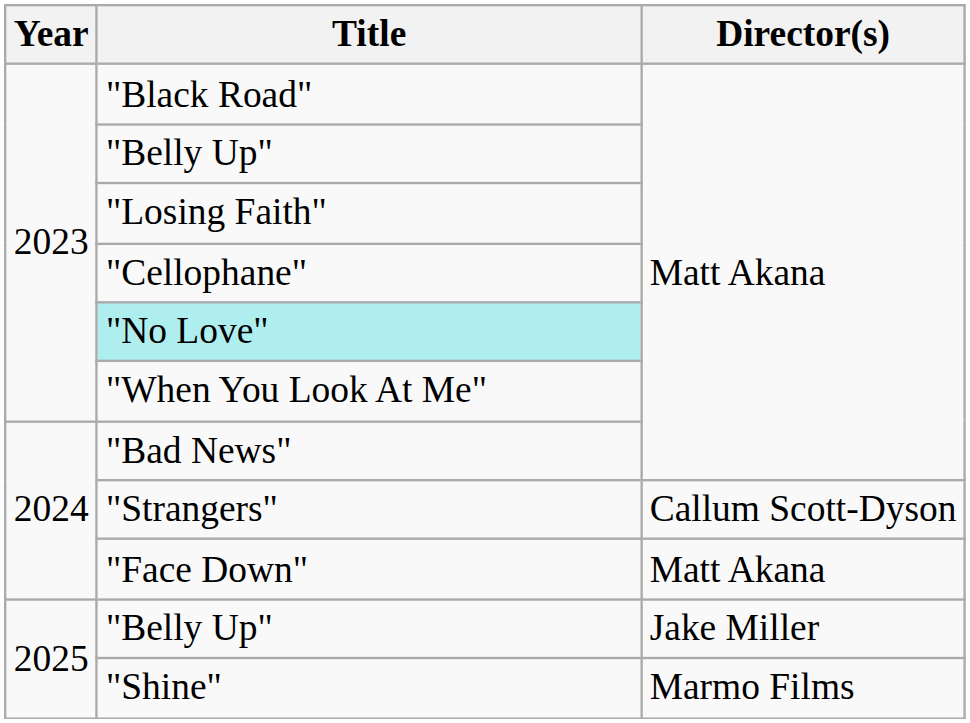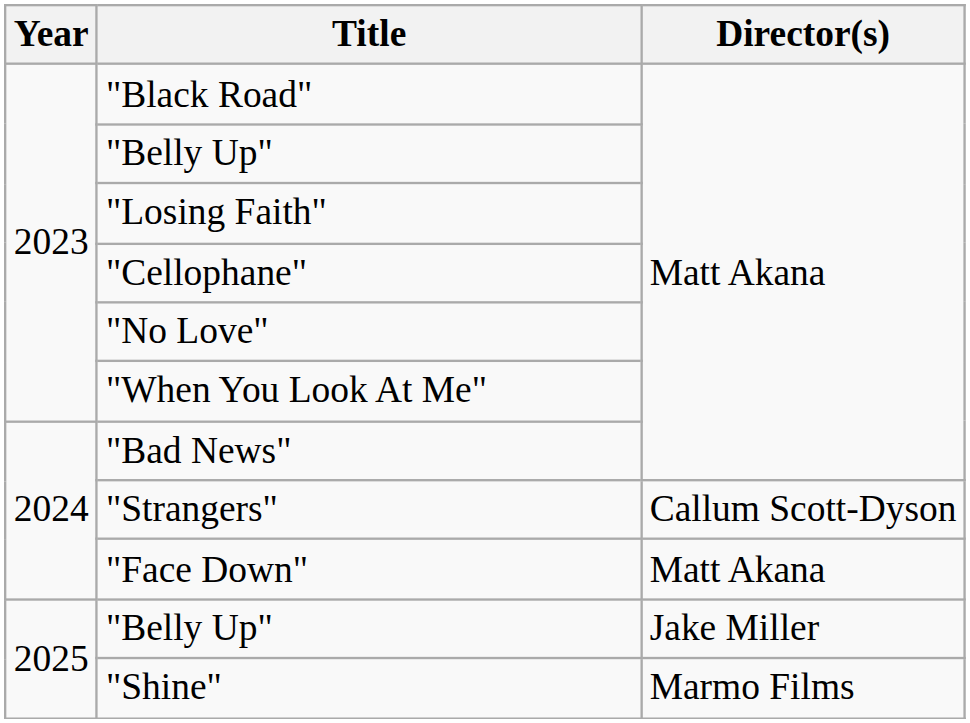 <table class="wikitable">
 <tr>
 <th>Year</th>
 <th width="225">Title</th>
 <th>Director(s)</th>
 </tr>
 <tr>
 <td rowspan="6">2023</td>
 <td>"Black Road"</td>
 <td rowspan="7">Matt Akana</td>
 </tr>
 <tr>
 <td>"Belly Up" </td>
 </tr>
 <tr>
 <td>"Losing Faith"</td>
 </tr>
 <tr>
 <td>"Cellophane"</td>
 </tr>
 <tr>
-<td style="background: paleturquoise;">"No Love"</td>
+<td>"No Love"</td>
 </tr>
 <tr>
 <td>"When You Look At Me"</td>
 </tr>
 <tr>
 <td rowspan="3">2024</td>
 <td>"Bad News"</td>
 </tr>
 <tr>
 <td>"Strangers"</td>
 <td>Callum Scott-Dyson</td>
 </tr>
 <tr>
 <td>"Face Down"</td>
 <td>Matt Akana</td>
 </tr>
 <tr>
 <td rowspan="2">2025</td>
 <td>"Belly Up" </td>
 <td>Jake Miller</td>
 </tr>
 <tr>
 <td>"Shine"</td>
 <td>Marmo Films</td>
 </tr>
 <tr>
 </tr>
 </table>
